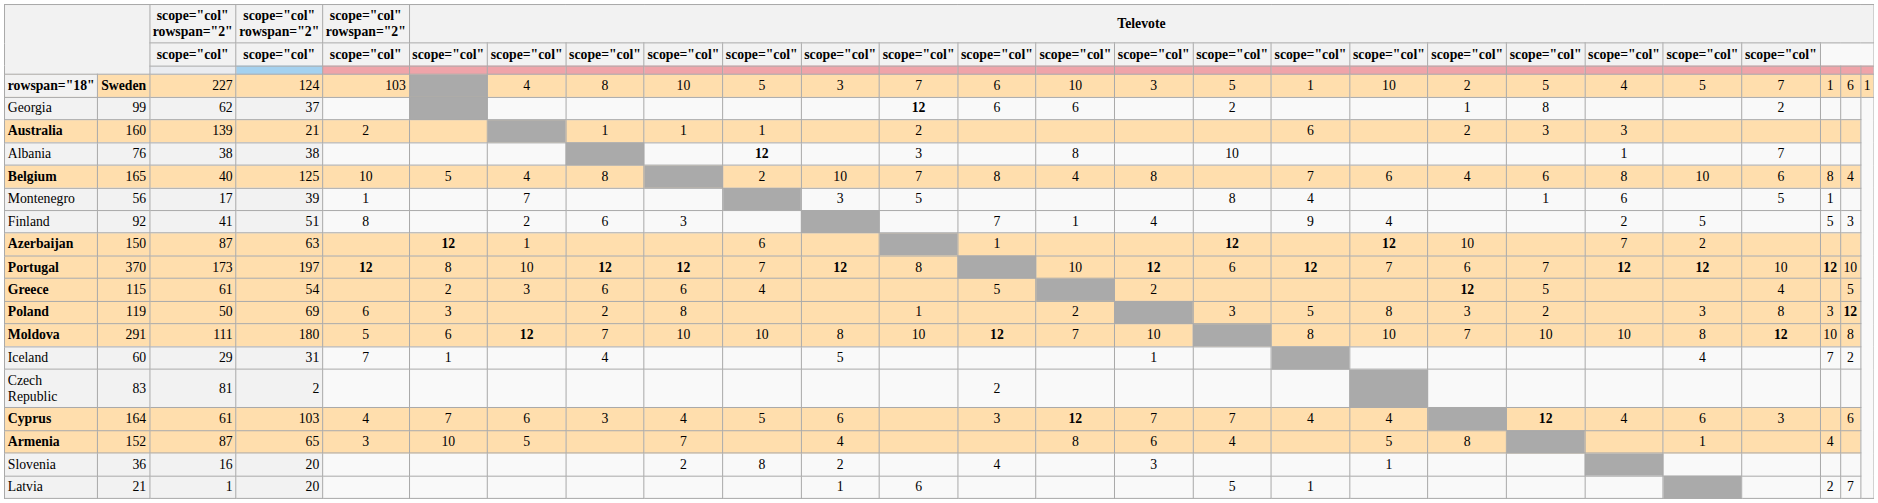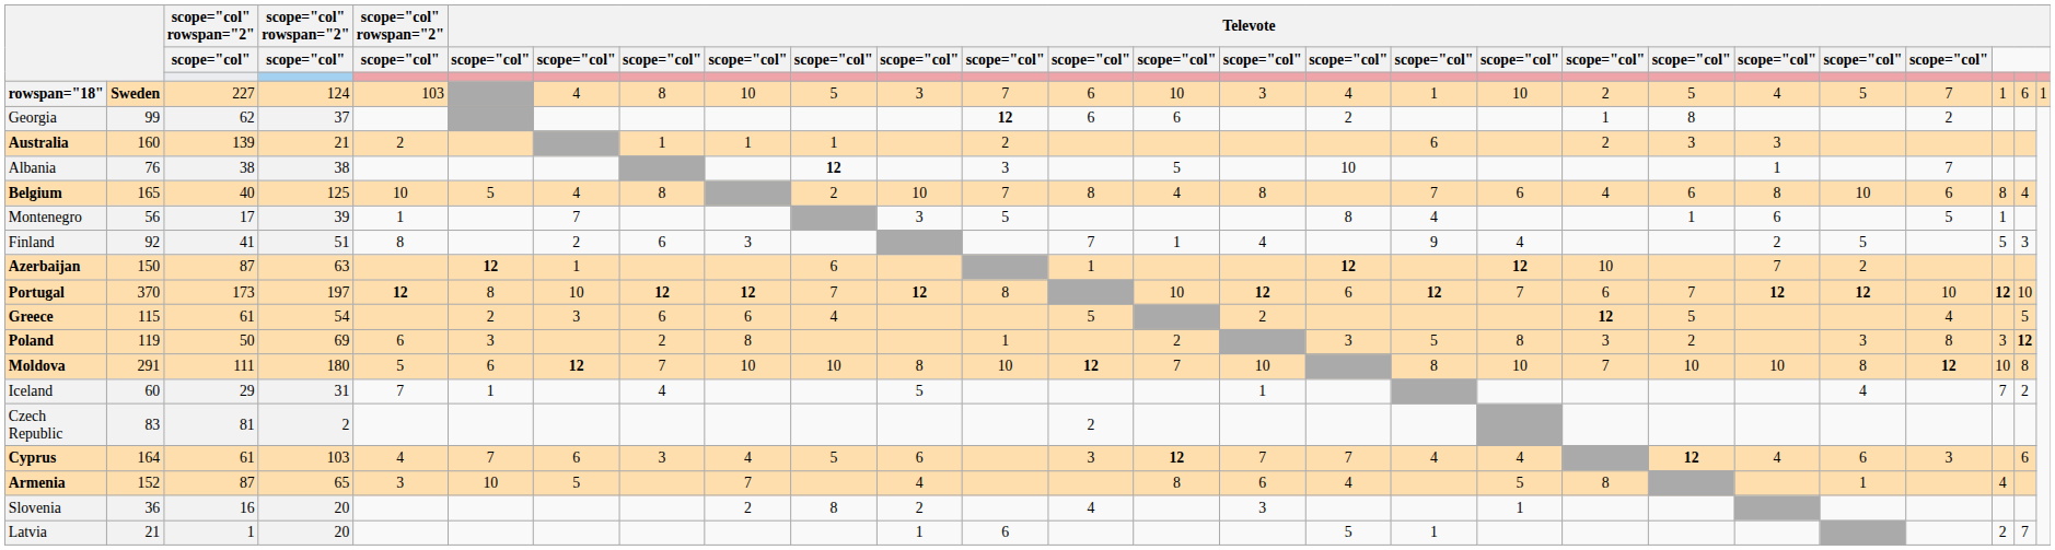 <table class="wikitable plainrowheaders" style="text-align:center; font-size:85%;">
 <tr>
 </tr>
 <tr>
 <td colspan="2" rowspan="3" style="background: #F2F2F2;"></td>
 <th>scope="col" rowspan="2" </th>
 <th>scope="col" rowspan="2" </th>
 <th>scope="col" rowspan="2" </th>
 <th scope="col" colspan="21">Televote</th>
 </tr>
 <tr>
 <th>scope="col" </th>
 <th>scope="col" </th>
 <th>scope="col" </th>
 <th>scope="col" </th>
 <th>scope="col" </th>
 <th>scope="col" </th>
 <th>scope="col" </th>
 <th>scope="col" </th>
 <th>scope="col" </th>
 <th>scope="col" </th>
 <th>scope="col" </th>
 <th>scope="col" </th>
 <th>scope="col" </th>
 <th>scope="col" </th>
 <th>scope="col" </th>
 <th>scope="col" </th>
 <th>scope="col" </th>
 <th>scope="col" </th>
 <th>scope="col" </th>
 <th>scope="col" </th>
 <th>scope="col" </th>
 </tr>
 <tr>
 <td style="height:2px; background:#eaecf0; border-top:1px solid transparent;"></td>
 <td style="background:#A4D1EF;"></td>
 <td style="background:#EFA4A9;"></td>
 <th style="background:#EFA4A9;"></th>
 <th style="background:#EFA4A9;"></th>
 <th style="background:#EFA4A9;"></th>
 <th style="background:#EFA4A9;"></th>
 <th style="background:#EFA4A9;"></th>
 <th style="background:#EFA4A9;"></th>
 <th style="background:#EFA4A9;"></th>
 <th style="background:#EFA4A9;"></th>
 <th style="background:#EFA4A9;"></th>
 <th style="background:#EFA4A9;"></th>
 <th style="background:#EFA4A9;"></th>
 <th style="background:#EFA4A9;"></th>
 <th style="background:#EFA4A9;"></th>
 <th style="background:#EFA4A9;"></th>
 <th style="background:#EFA4A9;"></th>
 <th style="background:#EFA4A9;"></th>
 <th style="background:#EFA4A9;"></th>
 <th style="background:#EFA4A9;"></th>
 <th style="background:#EFA4A9;"></th>
 <th style="background:#EFA4A9;"></th>
 <th style="background:#EFA4A9;"></th>
 </tr>
 <tr style="background:#ffdead;">
 <th>rowspan="18" </th>
 <td scope="row" style="text-align:left; font-weight:bold; background:#ffdead;">Sweden</td>
 <td style="text-align:right;">227</td>
 <td style="text-align:right;">124</td>
 <td style="text-align:right;">103</td>
 <td style="background:#aaa;"></td>
 <td>4</td>
 <td>8</td>
 <td>10</td>
 <td>5</td>
 <td>3</td>
 <td>7</td>
 <td>6</td>
 <td>10</td>
 <td>3</td>
-<td>5</td>
+<td>4</td>
 <td>1</td>
 <td>10</td>
 <td>2</td>
 <td>5</td>
 <td>4</td>
 <td>5</td>
 <td>7</td>
 <td>1</td>
 <td>6</td>
 <td>1</td>
 </tr>
 <tr>
 <td scope="row" style="text-align:left; background:#f2f2f2;">Georgia</td>
 <td style="text-align:right; background:#f2f2f2;">99</td>
 <td style="text-align:right; background:#f2f2f2;">62</td>
 <td style="text-align:right; background:#f2f2f2;">37</td>
 <td></td>
 <td style="background:#aaa;"></td>
 <td></td>
 <td></td>
 <td></td>
 <td></td>
 <td></td>
 <td><strong>12</strong></td>
 <td>6</td>
 <td>6</td>
 <td></td>
 <td>2</td>
 <td></td>
 <td></td>
 <td>1</td>
 <td>8</td>
 <td></td>
 <td></td>
 <td>2</td>
 <td></td>
 <td></td>
 </tr>
 <tr style="background:#ffdead;">
 <td scope="row" style="text-align:left; font-weight:bold; ">Australia</td>
 <td style="text-align:right;">160</td>
 <td style="text-align:right;">139</td>
 <td style="text-align:right;">21</td>
 <td>2</td>
 <td></td>
 <td style="background:#aaa;"></td>
 <td>1</td>
 <td>1</td>
 <td>1</td>
 <td></td>
 <td>2</td>
 <td></td>
 <td></td>
 <td></td>
 <td></td>
 <td>6</td>
 <td></td>
 <td>2</td>
 <td>3</td>
 <td>3</td>
 <td></td>
 <td></td>
 <td></td>
 <td></td>
 </tr>
 <tr>
 <td scope="row" style="text-align:left; background:#f2f2f2;">Albania</td>
 <td style="text-align:right; background:#f2f2f2;">76</td>
 <td style="text-align:right; background:#f2f2f2;">38</td>
 <td style="text-align:right; background:#f2f2f2;">38</td>
 <td></td>
 <td></td>
 <td></td>
 <td style="background:#aaa;"></td>
 <td></td>
 <td><strong>12</strong></td>
 <td></td>
 <td>3</td>
 <td></td>
-<td>8</td>
+<td>5</td>
 <td></td>
 <td>10</td>
 <td></td>
 <td></td>
 <td></td>
 <td></td>
 <td>1</td>
 <td></td>
 <td>7</td>
 <td></td>
 <td></td>
 </tr>
 <tr style="background:#ffdead;">
 <td scope="row" style="text-align:left; font-weight:bold; ">Belgium</td>
 <td style="text-align:right;">165</td>
 <td style="text-align:right;">40</td>
 <td style="text-align:right;">125</td>
 <td>10</td>
 <td>5</td>
 <td>4</td>
 <td>8</td>
 <td style="background:#aaa;"></td>
 <td>2</td>
 <td>10</td>
 <td>7</td>
 <td>8</td>
 <td>4</td>
 <td>8</td>
 <td></td>
 <td>7</td>
 <td>6</td>
 <td>4</td>
 <td>6</td>
 <td>8</td>
 <td>10</td>
 <td>6</td>
 <td>8</td>
 <td>4</td>
 </tr>
 <tr>
 <td scope="row" style="text-align:left; background:#f2f2f2;">Montenegro</td>
 <td style="text-align:right; background:#f2f2f2;">56</td>
 <td style="text-align:right; background:#f2f2f2;">17</td>
 <td style="text-align:right; background:#f2f2f2;">39</td>
 <td>1</td>
 <td></td>
 <td>7</td>
 <td></td>
 <td></td>
 <td style="background:#aaa;"></td>
 <td>3</td>
 <td>5</td>
 <td></td>
 <td></td>
 <td></td>
 <td>8</td>
 <td>4</td>
 <td></td>
 <td></td>
 <td>1</td>
 <td>6</td>
 <td></td>
 <td>5</td>
 <td>1</td>
 <td></td>
 </tr>
 <tr>
 <td scope="row" style="text-align:left; background:#f2f2f2;">Finland</td>
 <td style="text-align:right; background:#f2f2f2;">92</td>
 <td style="text-align:right; background:#f2f2f2;">41</td>
 <td style="text-align:right; background:#f2f2f2;">51</td>
 <td>8</td>
 <td></td>
 <td>2</td>
 <td>6</td>
 <td>3</td>
 <td></td>
 <td style="background:#aaa;"></td>
 <td></td>
 <td>7</td>
 <td>1</td>
 <td>4</td>
 <td></td>
 <td>9</td>
 <td>4</td>
 <td></td>
 <td></td>
 <td>2</td>
 <td>5</td>
 <td></td>
 <td>5</td>
 <td>3</td>
 </tr>
 <tr style="background:#ffdead;">
 <td scope="row" style="text-align:left; font-weight:bold; ">Azerbaijan</td>
 <td style="text-align:right;">150</td>
 <td style="text-align:right;">87</td>
 <td style="text-align:right;">63</td>
 <td></td>
 <td><strong>12</strong></td>
 <td>1</td>
 <td></td>
 <td></td>
 <td>6</td>
 <td></td>
 <td style="background:#aaa;"></td>
 <td>1</td>
 <td></td>
 <td></td>
 <td><strong>12</strong></td>
 <td></td>
 <td><strong>12</strong></td>
 <td>10</td>
 <td></td>
 <td>7</td>
 <td>2</td>
 <td></td>
 <td></td>
 <td></td>
 </tr>
 <tr style="background:#ffdead;">
 <td scope="row" style="text-align:left; font-weight:bold; ">Portugal</td>
 <td style="text-align:right;">370</td>
 <td style="text-align:right;">173</td>
 <td style="text-align:right;">197</td>
 <td><strong>12</strong></td>
 <td>8</td>
 <td>10</td>
 <td><strong>12</strong></td>
 <td><strong>12</strong></td>
 <td>7</td>
 <td><strong>12</strong></td>
 <td>8</td>
 <td style="background:#aaa;"></td>
 <td>10</td>
 <td><strong>12</strong></td>
 <td>6</td>
 <td><strong>12</strong></td>
 <td>7</td>
 <td>6</td>
 <td>7</td>
 <td><strong>12</strong></td>
 <td><strong>12</strong></td>
 <td>10</td>
 <td><strong>12</strong></td>
 <td>10</td>
 </tr>
 <tr style="background:#ffdead;">
 <td scope="row" style="text-align:left; font-weight:bold; ">Greece</td>
 <td style="text-align:right;">115</td>
 <td style="text-align:right;">61</td>
 <td style="text-align:right;">54</td>
 <td></td>
 <td>2</td>
 <td>3</td>
 <td>6</td>
 <td>6</td>
 <td>4</td>
 <td></td>
 <td></td>
 <td>5</td>
 <td style="background:#aaa;"></td>
 <td>2</td>
 <td></td>
 <td></td>
 <td></td>
 <td><strong>12</strong></td>
 <td>5</td>
 <td></td>
 <td></td>
 <td>4</td>
 <td></td>
 <td>5</td>
 </tr>
 <tr style="background:#ffdead;">
 <td scope="row" style="text-align:left; font-weight:bold; ">Poland</td>
 <td style="text-align:right;">119</td>
 <td style="text-align:right;">50</td>
 <td style="text-align:right;">69</td>
 <td>6</td>
 <td>3</td>
 <td></td>
 <td>2</td>
 <td>8</td>
 <td></td>
 <td></td>
 <td>1</td>
 <td></td>
 <td>2</td>
 <td style="background:#aaa;"></td>
 <td>3</td>
 <td>5</td>
 <td>8</td>
 <td>3</td>
 <td>2</td>
 <td></td>
 <td>3</td>
 <td>8</td>
 <td>3</td>
 <td><strong>12</strong></td>
 </tr>
 <tr style="background:#ffdead;">
 <td scope="row" style="text-align:left; font-weight:bold; ">Moldova</td>
 <td style="text-align:right;">291</td>
 <td style="text-align:right;">111</td>
 <td style="text-align:right;">180</td>
 <td>5</td>
 <td>6</td>
 <td><strong>12</strong></td>
 <td>7</td>
 <td>10</td>
 <td>10</td>
 <td>8</td>
 <td>10</td>
 <td><strong>12</strong></td>
 <td>7</td>
 <td>10</td>
 <td style="background:#aaa;"></td>
 <td>8</td>
 <td>10</td>
 <td>7</td>
 <td>10</td>
 <td>10</td>
 <td>8</td>
 <td><strong>12</strong></td>
 <td>10</td>
 <td>8</td>
 </tr>
 <tr>
 <td scope="row" style="text-align:left; background:#f2f2f2;">Iceland</td>
 <td style="text-align:right; background:#f2f2f2;">60</td>
 <td style="text-align:right; background:#f2f2f2;">29</td>
 <td style="text-align:right; background:#f2f2f2;">31</td>
 <td>7</td>
 <td>1</td>
 <td></td>
 <td>4</td>
 <td></td>
 <td></td>
 <td>5</td>
 <td></td>
 <td></td>
 <td></td>
 <td>1</td>
 <td></td>
 <td style="background:#aaa;"></td>
 <td></td>
 <td></td>
 <td></td>
 <td></td>
 <td>4</td>
 <td></td>
 <td>7</td>
 <td>2</td>
 </tr>
 <tr>
 <td scope="row" style="text-align:left; background:#f2f2f2;">Czech Republic</td>
 <td style="text-align:right; background:#f2f2f2;">83</td>
 <td style="text-align:right; background:#f2f2f2;">81</td>
 <td style="text-align:right; background:#f2f2f2;">2</td>
 <td></td>
 <td></td>
 <td></td>
 <td></td>
 <td></td>
 <td></td>
 <td></td>
 <td></td>
 <td>2</td>
 <td></td>
 <td></td>
 <td></td>
 <td></td>
 <td style="background:#aaa;"></td>
 <td></td>
 <td></td>
 <td></td>
 <td></td>
 <td></td>
 <td></td>
 <td></td>
 </tr>
 <tr style="background:#ffdead;">
 <td scope="row" style="text-align:left; font-weight:bold; ">Cyprus</td>
 <td style="text-align:right;">164</td>
 <td style="text-align:right;">61</td>
 <td style="text-align:right;">103</td>
 <td>4</td>
 <td>7</td>
 <td>6</td>
 <td>3</td>
 <td>4</td>
 <td>5</td>
 <td>6</td>
 <td></td>
 <td>3</td>
 <td><strong>12</strong></td>
 <td>7</td>
 <td>7</td>
 <td>4</td>
 <td>4</td>
 <td style="background:#aaa;"></td>
 <td><strong>12</strong></td>
 <td>4</td>
 <td>6</td>
 <td>3</td>
 <td></td>
 <td>6</td>
 </tr>
 <tr style="background:#ffdead;">
 <td scope="row" style="text-align:left; font-weight:bold; ">Armenia</td>
 <td style="text-align:right;">152</td>
 <td style="text-align:right;">87</td>
 <td style="text-align:right;">65</td>
 <td>3</td>
 <td>10</td>
 <td>5</td>
 <td></td>
 <td>7</td>
 <td></td>
 <td>4</td>
 <td></td>
 <td></td>
 <td>8</td>
 <td>6</td>
 <td>4</td>
 <td></td>
 <td>5</td>
 <td>8</td>
 <td style="background:#aaa;"></td>
 <td></td>
 <td>1</td>
 <td></td>
 <td>4</td>
 <td></td>
 </tr>
 <tr>
 <td scope="row" style="text-align:left; background:#f2f2f2;">Slovenia</td>
 <td style="text-align:right; background:#f2f2f2;">36</td>
 <td style="text-align:right; background:#f2f2f2;">16</td>
 <td style="text-align:right; background:#f2f2f2;">20</td>
 <td></td>
 <td></td>
 <td></td>
 <td></td>
 <td>2</td>
 <td>8</td>
 <td>2</td>
 <td></td>
 <td>4</td>
 <td></td>
 <td>3</td>
 <td></td>
 <td></td>
 <td>1</td>
 <td></td>
 <td></td>
 <td style="background:#aaa;"></td>
 <td></td>
 <td></td>
 <td></td>
 <td></td>
 </tr>
 <tr>
 <td scope="row" style="text-align:left; background:#f2f2f2;">Latvia</td>
 <td style="text-align:right; background:#f2f2f2;">21</td>
 <td style="text-align:right; background:#f2f2f2;">1</td>
 <td style="text-align:right; background:#f2f2f2;">20</td>
 <td></td>
 <td></td>
 <td></td>
 <td></td>
 <td></td>
 <td></td>
 <td>1</td>
 <td>6</td>
 <td></td>
 <td></td>
 <td></td>
 <td>5</td>
 <td>1</td>
 <td></td>
 <td></td>
 <td></td>
 <td></td>
 <td style="background:#aaa;"></td>
 <td></td>
 <td>2</td>
 <td>7</td>
 </tr>
 </table>
